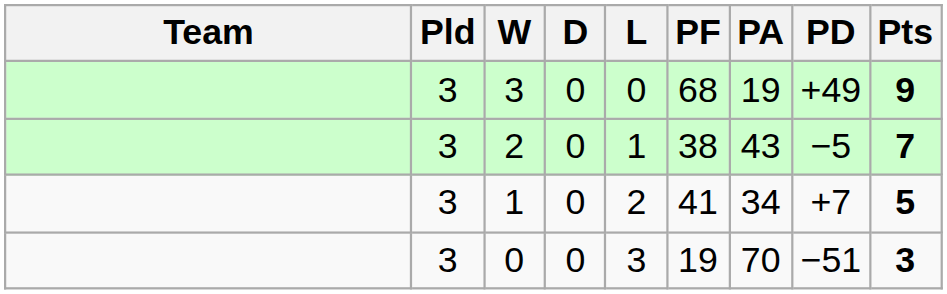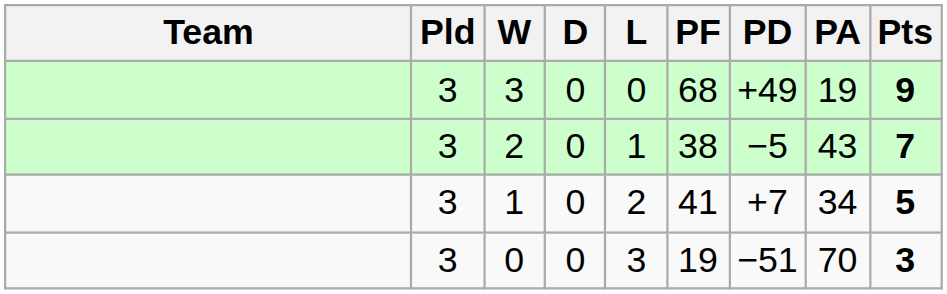 <table class="wikitable" style="text-align:center;">
 <tr>
 <th width=175>Team</th>
 <th width=20 abbr="Played">Pld</th>
 <th width=20 abbr="Won">W</th>
 <th width=20 abbr="Drawn">D</th>
 <th width=20 abbr="Lost">L</th>
 <th width=20 abbr="Points for">PF</th>
+<th width=25 abbr="Points difference">PD</th>
 <th width=20 abbr="Points against">PA</th>
-<th width=25 abbr="Points difference">PD</th>
 <th width=20 abbr="Points">Pts</th>
 </tr>
 <tr bgcolor=ccffcc>
 <td align=left></td>
 <td>3</td>
 <td>3</td>
 <td>0</td>
 <td>0</td>
 <td>68</td>
+<td>+49</td>
 <td>19</td>
-<td>+49</td>
 <td><strong>9</strong></td>
 </tr>
 <tr bgcolor=ccffcc>
 <td align=left></td>
 <td>3</td>
 <td>2</td>
 <td>0</td>
 <td>1</td>
 <td>38</td>
+<td>−5</td>
 <td>43</td>
-<td>−5</td>
 <td><strong>7</strong></td>
 </tr>
 <tr>
 <td align=left></td>
 <td>3</td>
 <td>1</td>
 <td>0</td>
 <td>2</td>
 <td>41</td>
+<td>+7</td>
 <td>34</td>
-<td>+7</td>
 <td><strong>5</strong></td>
 </tr>
 <tr>
 <td align=left></td>
 <td>3</td>
 <td>0</td>
 <td>0</td>
 <td>3</td>
 <td>19</td>
+<td>−51</td>
 <td>70</td>
-<td>−51</td>
 <td><strong>3</strong></td>
 </tr>
 </table>
